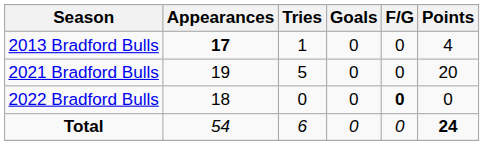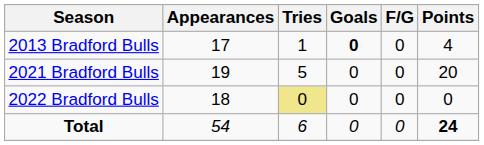 <table class="wikitable" style="text-align:center;">
 <tr bgcolor=#bdb76b>
 <th>Season</th>
 <th>Appearances</th>
 <th>Tries</th>
 <th>Goals</th>
 <th>F/G</th>
 <th>Points</th>
 </tr>
 <tr>
 <td><a href='#'>2013 Bradford Bulls</a></td>
-<td><strong>17</strong></td>
+<td>17</td>
 <td>1</td>
-<td>0</td>
+<td><strong>0</strong></td>
 <td>0</td>
 <td>4</td>
 </tr>
 <tr>
 <td><a href='#'>2021 Bradford Bulls</a></td>
 <td>19</td>
 <td>5</td>
 <td>0</td>
 <td>0</td>
 <td>20</td>
 </tr>
 <tr>
 <td><a href='#'>2022 Bradford Bulls</a></td>
 <td>18</td>
+<td style="background: khaki;">0</td>
 <td>0</td>
 <td>0</td>
-<td><strong>0</strong></td>
 <td>0</td>
 </tr>
 <tr>
 <td><strong>Total</strong></td>
 <td><em>54</em></td>
 <td><em>6</em></td>
 <td><em>0</em></td>
 <td><em>0</em></td>
 <td><strong>24</strong></td>
 </tr>
 <tr>
 </tr>
 </table>
